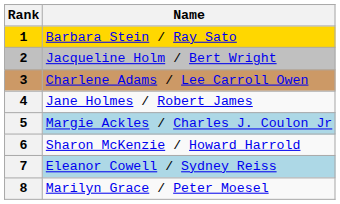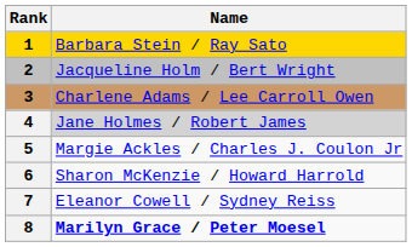 <table class="wikitable">
 <tr>
 <th>Rank</th>
 <th>Name</th>
 </tr>
 <tr bgcolor="gold">
 <td align="center"><strong>1</strong></td>
 <td><a href='#'>Barbara Stein</a> / <a href='#'>Ray Sato</a></td>
 </tr>
 <tr bgcolor="silver">
 <td align="center"><strong>2</strong></td>
 <td><a href='#'>Jacqueline Holm</a> / <a href='#'>Bert Wright</a></td>
 </tr>
 <tr bgcolor="cc9966">
 <td align="center"><strong>3</strong></td>
 <td><a href='#'>Charlene Adams</a> / <a href='#'>Lee Carroll Owen</a></td>
 </tr>
 <tr>
 <th>4</th>
-<td><a href='#'>Jane Holmes</a> / <a href='#'>Robert James</a></td>
+<td style="background: lightgrey;"><a href='#'>Jane Holmes</a> / <a href='#'>Robert James</a></td>
 </tr>
 <tr>
 <th>5</th>
-<td style="background: lightblue;"><a href='#'>Margie Ackles</a> / <a href='#'>Charles J. Coulon Jr</a></td>
+<td><a href='#'>Margie Ackles</a> / <a href='#'>Charles J. Coulon Jr</a></td>
 </tr>
 <tr>
 <th>6</th>
 <td><a href='#'>Sharon McKenzie</a> / <a href='#'>Howard Harrold</a></td>
 </tr>
 <tr>
 <th>7</th>
-<td style="background: lightblue;"><a href='#'>Eleanor Cowell</a> / <a href='#'>Sydney Reiss</a></td>
+<td><a href='#'>Eleanor Cowell</a> / <a href='#'>Sydney Reiss</a></td>
 </tr>
 <tr>
 <th>8</th>
-<td><a href='#'>Marilyn Grace</a> / <a href='#'>Peter Moesel</a></td>
+<td><strong><a href='#'>Marilyn Grace</a> / <a href='#'>Peter Moesel</a></strong></td>
 </tr>
 </table>
